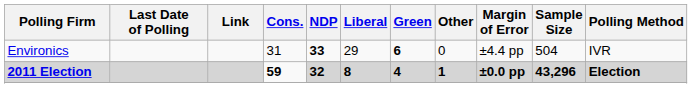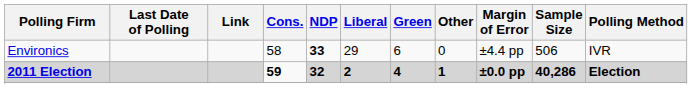 <table class="wikitable sortable">
 <tr style="background:#e9e9e9;">
 <th style="width:120px">Polling Firm</th>
 <th style="width:110px">Last Date<br>of Polling</th>
 <th style="width:60px" class="unsortable">Link</th>
 <th style="background-color:"><strong><a href='#'>Cons.</a></strong></th>
 <th style="background-color:"><strong><a href='#'>NDP</a></strong></th>
 <th style="background-color:"><strong><a href='#'>Liberal</a></strong></th>
 <th style="background-color:"><strong><a href='#'>Green</a></strong></th>
 <th style="background-color:"><strong>Other</strong></th>
 <th style="width:60px;" class=unsortable>Margin<br>of Error</th>
 <th style="width:50px;" class=unsortable>Sample<br>Size</th>
 <th class=unsortable>Polling Method</th>
 </tr>
 <tr>
 <td><a href='#'>Environics</a></td>
 <td></td>
 <td></td>
-<td>31</td>
+<td>58</td>
 <td><strong>33</strong></td>
 <td>29</td>
-<td><strong>6</strong></td>
+<td>6</td>
 <td>0</td>
 <td>±4.4 pp</td>
-<td>504</td>
+<td>506</td>
 <td>IVR</td>
 </tr>
 <tr>
 <td style="background:#D5D5D5"><strong><a href='#'>2011 Election</a></strong></td>
 <td style="background:#D5D5D5"><strong></strong></td>
 <td style="background:#D5D5D5"></td>
 <td><strong>59</strong></td>
 <td style="background:#D5D5D5"><strong>32</strong></td>
-<td style="background:#D5D5D5"><strong>8</strong></td>
+<td style="background:#D5D5D5"><strong>2</strong></td>
 <td style="background:#D5D5D5"><strong>4</strong></td>
 <td style="background:#D5D5D5"><strong>1</strong></td>
 <td style="background:#D5D5D5"><strong>±0.0 pp</strong></td>
-<td style="background:#D5D5D5"><strong>43,296</strong></td>
+<td style="background:#D5D5D5"><strong>40,286</strong></td>
 <td style="background:#D5D5D5"><strong>Election</strong></td>
 </tr>
 <tr>
 </tr>
 <tr>
 </tr>
 </table>
